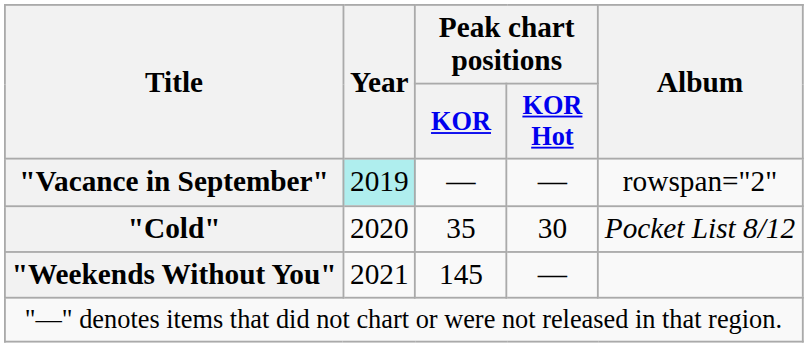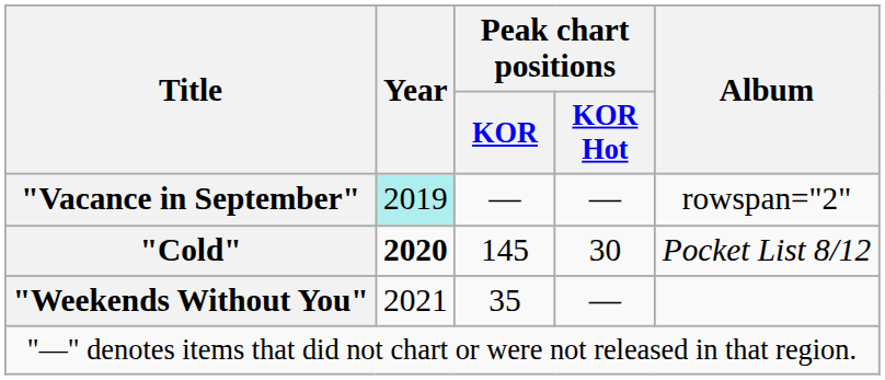 <table class="wikitable plainrowheaders" style="text-align:center;">
 <tr>
 <th scope="col" rowspan="2">Title</th>
 <th scope="col" rowspan="2">Year</th>
 <th scope="col" colspan="2">Peak chart positions</th>
 <th scope="col" rowspan="2">Album</th>
 </tr>
 <tr>
 <th scope="col" style="width:3em;font-size:90%;"><a href='#'>KOR</a><br></th>
 <th scope="col" style="width:3em;font-size:90%;"><a href='#'>KOR<br>Hot</a><br></th>
 </tr>
 <tr>
 <th scope="row">"Vacance in September"<br></th>
 <td style="background: paleturquoise;">2019</td>
 <td>—</td>
 <td>—</td>
 <td>rowspan="2" </td>
 </tr>
 <tr>
 <th scope="row">"Cold" </th>
-<td>2020</td>
-<td>35</td>
+<td><strong>2020</strong></td>
+<td>145</td>
 <td>30</td>
 <td><em>Pocket List 8/12</em></td>
 </tr>
 <tr>
 <th scope="row">"Weekends Without You" </th>
 <td>2021</td>
-<td>145</td>
+<td>35</td>
 <td>—</td>
 </tr>
 <tr>
 <td colspan="5" style="font-size:90%;">"—" denotes items that did not chart or were not released in that region.</td>
 </tr>
 </table>
